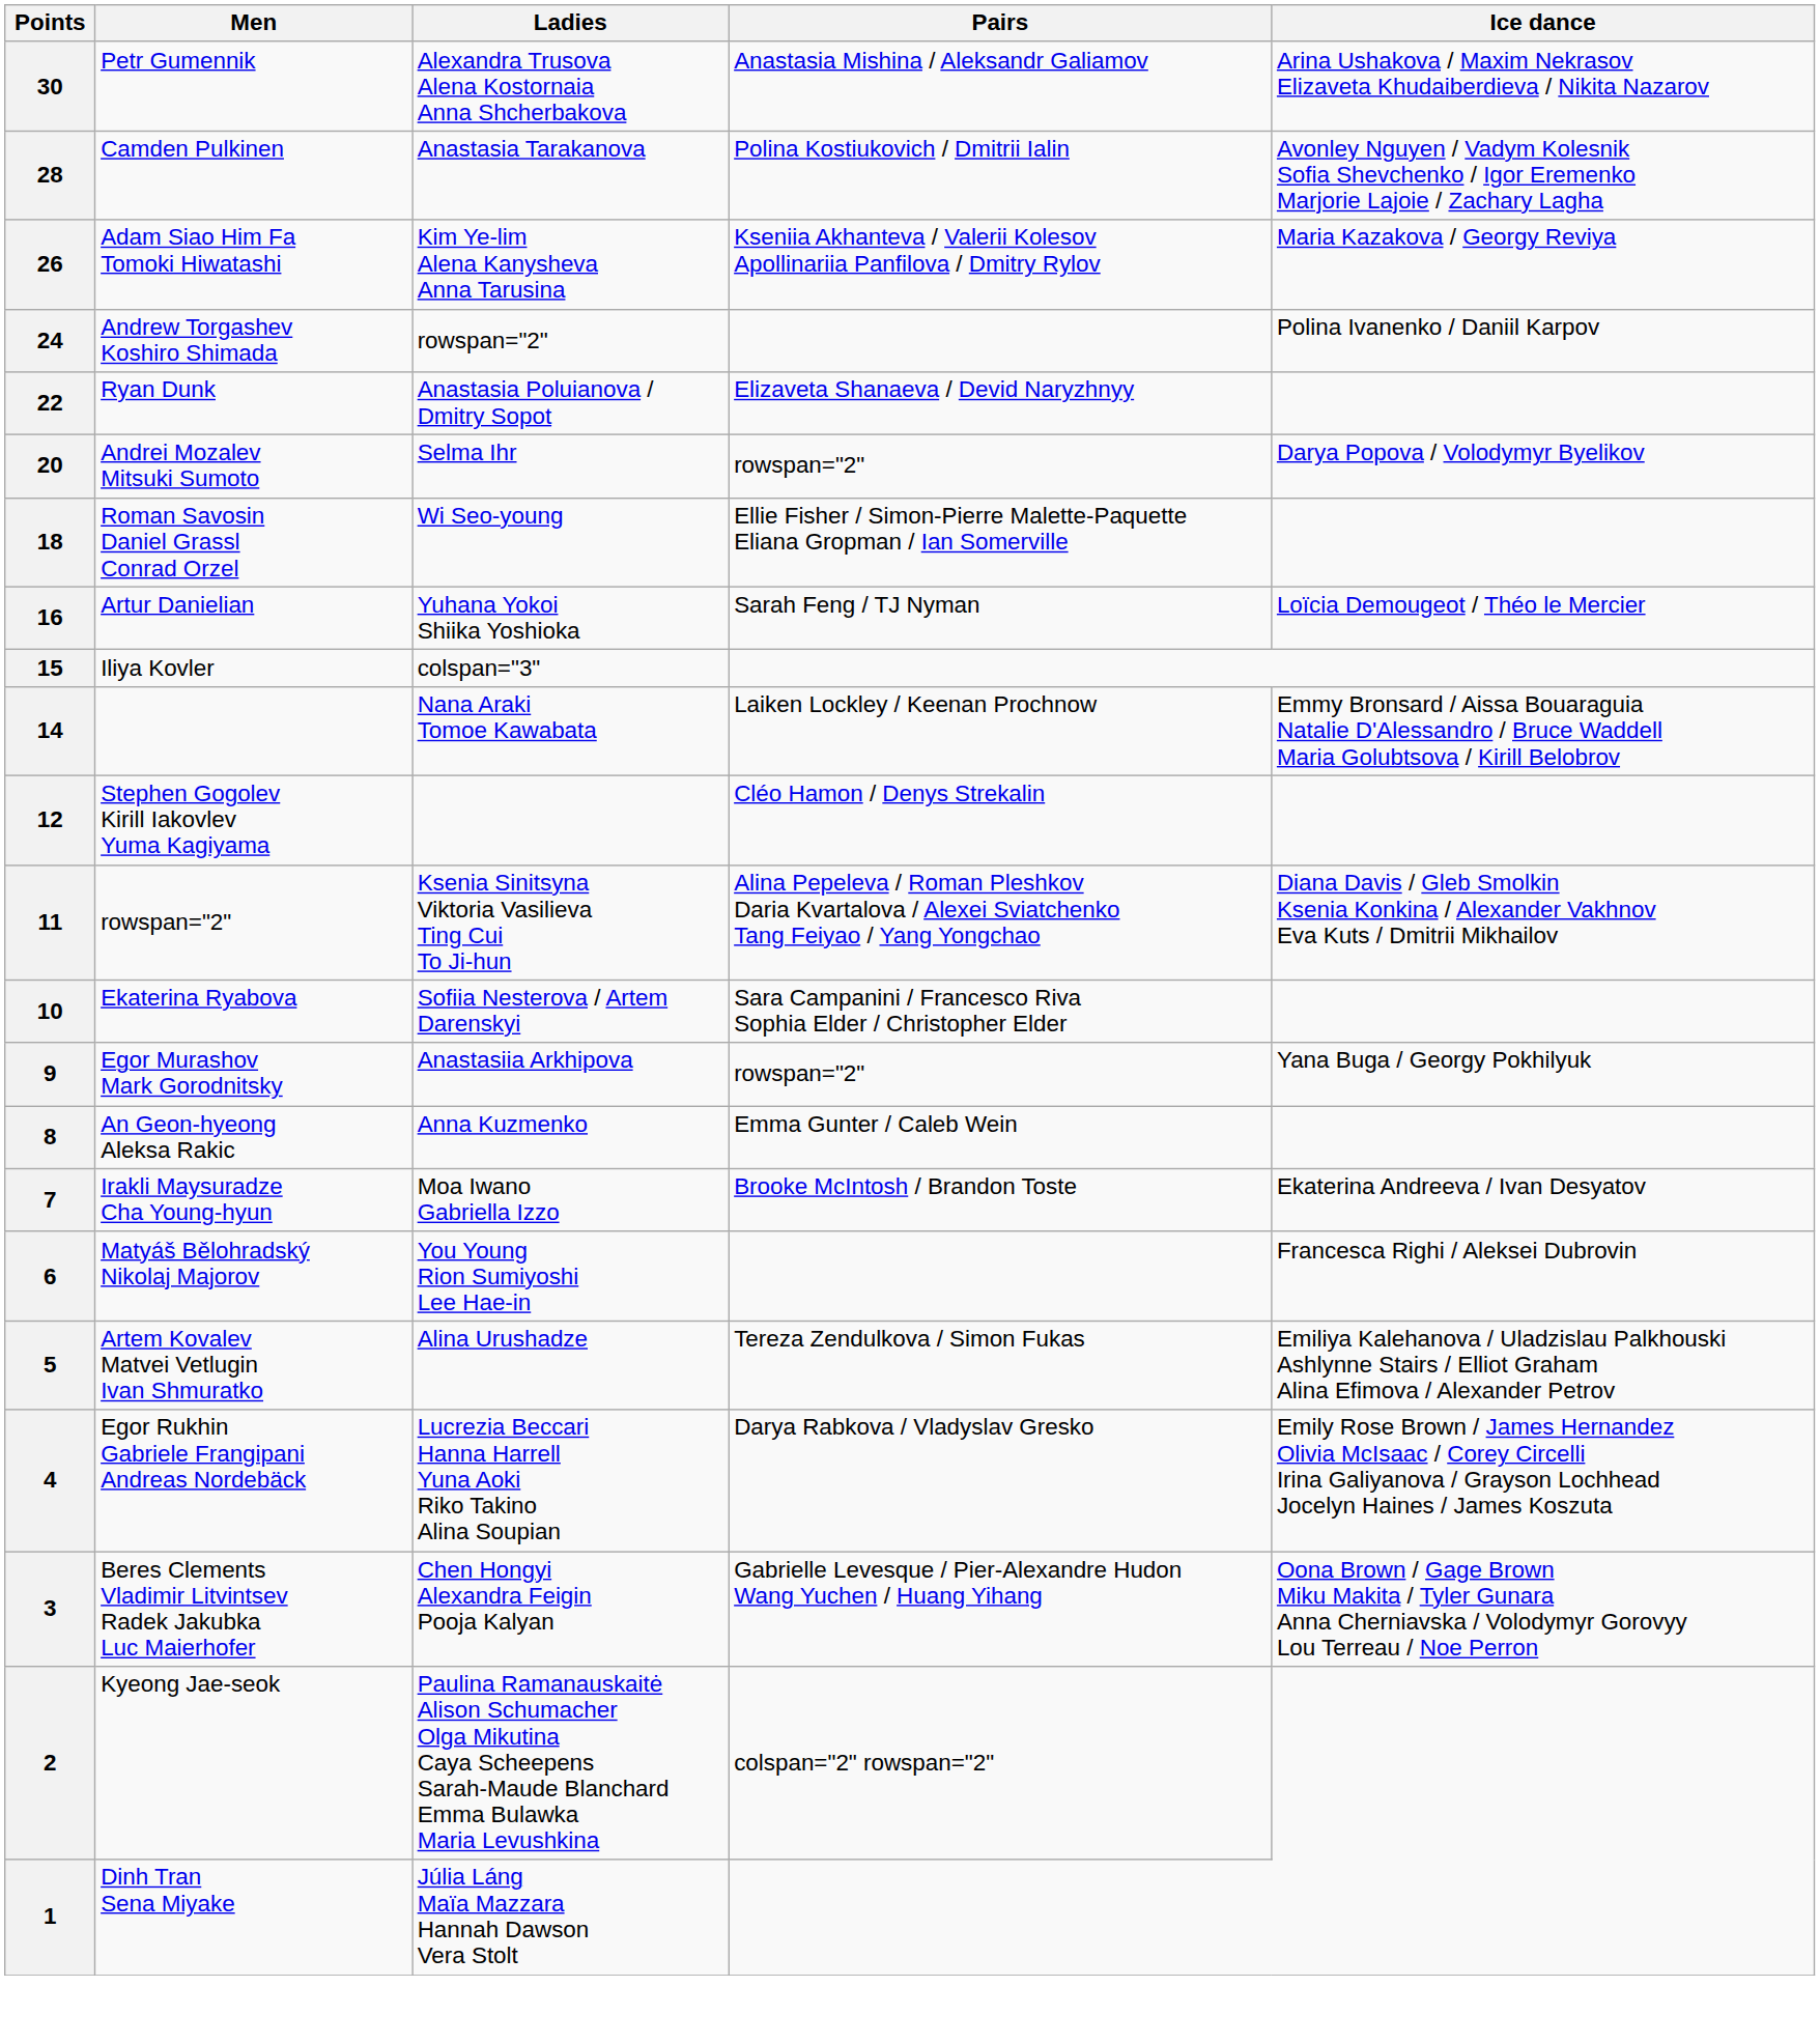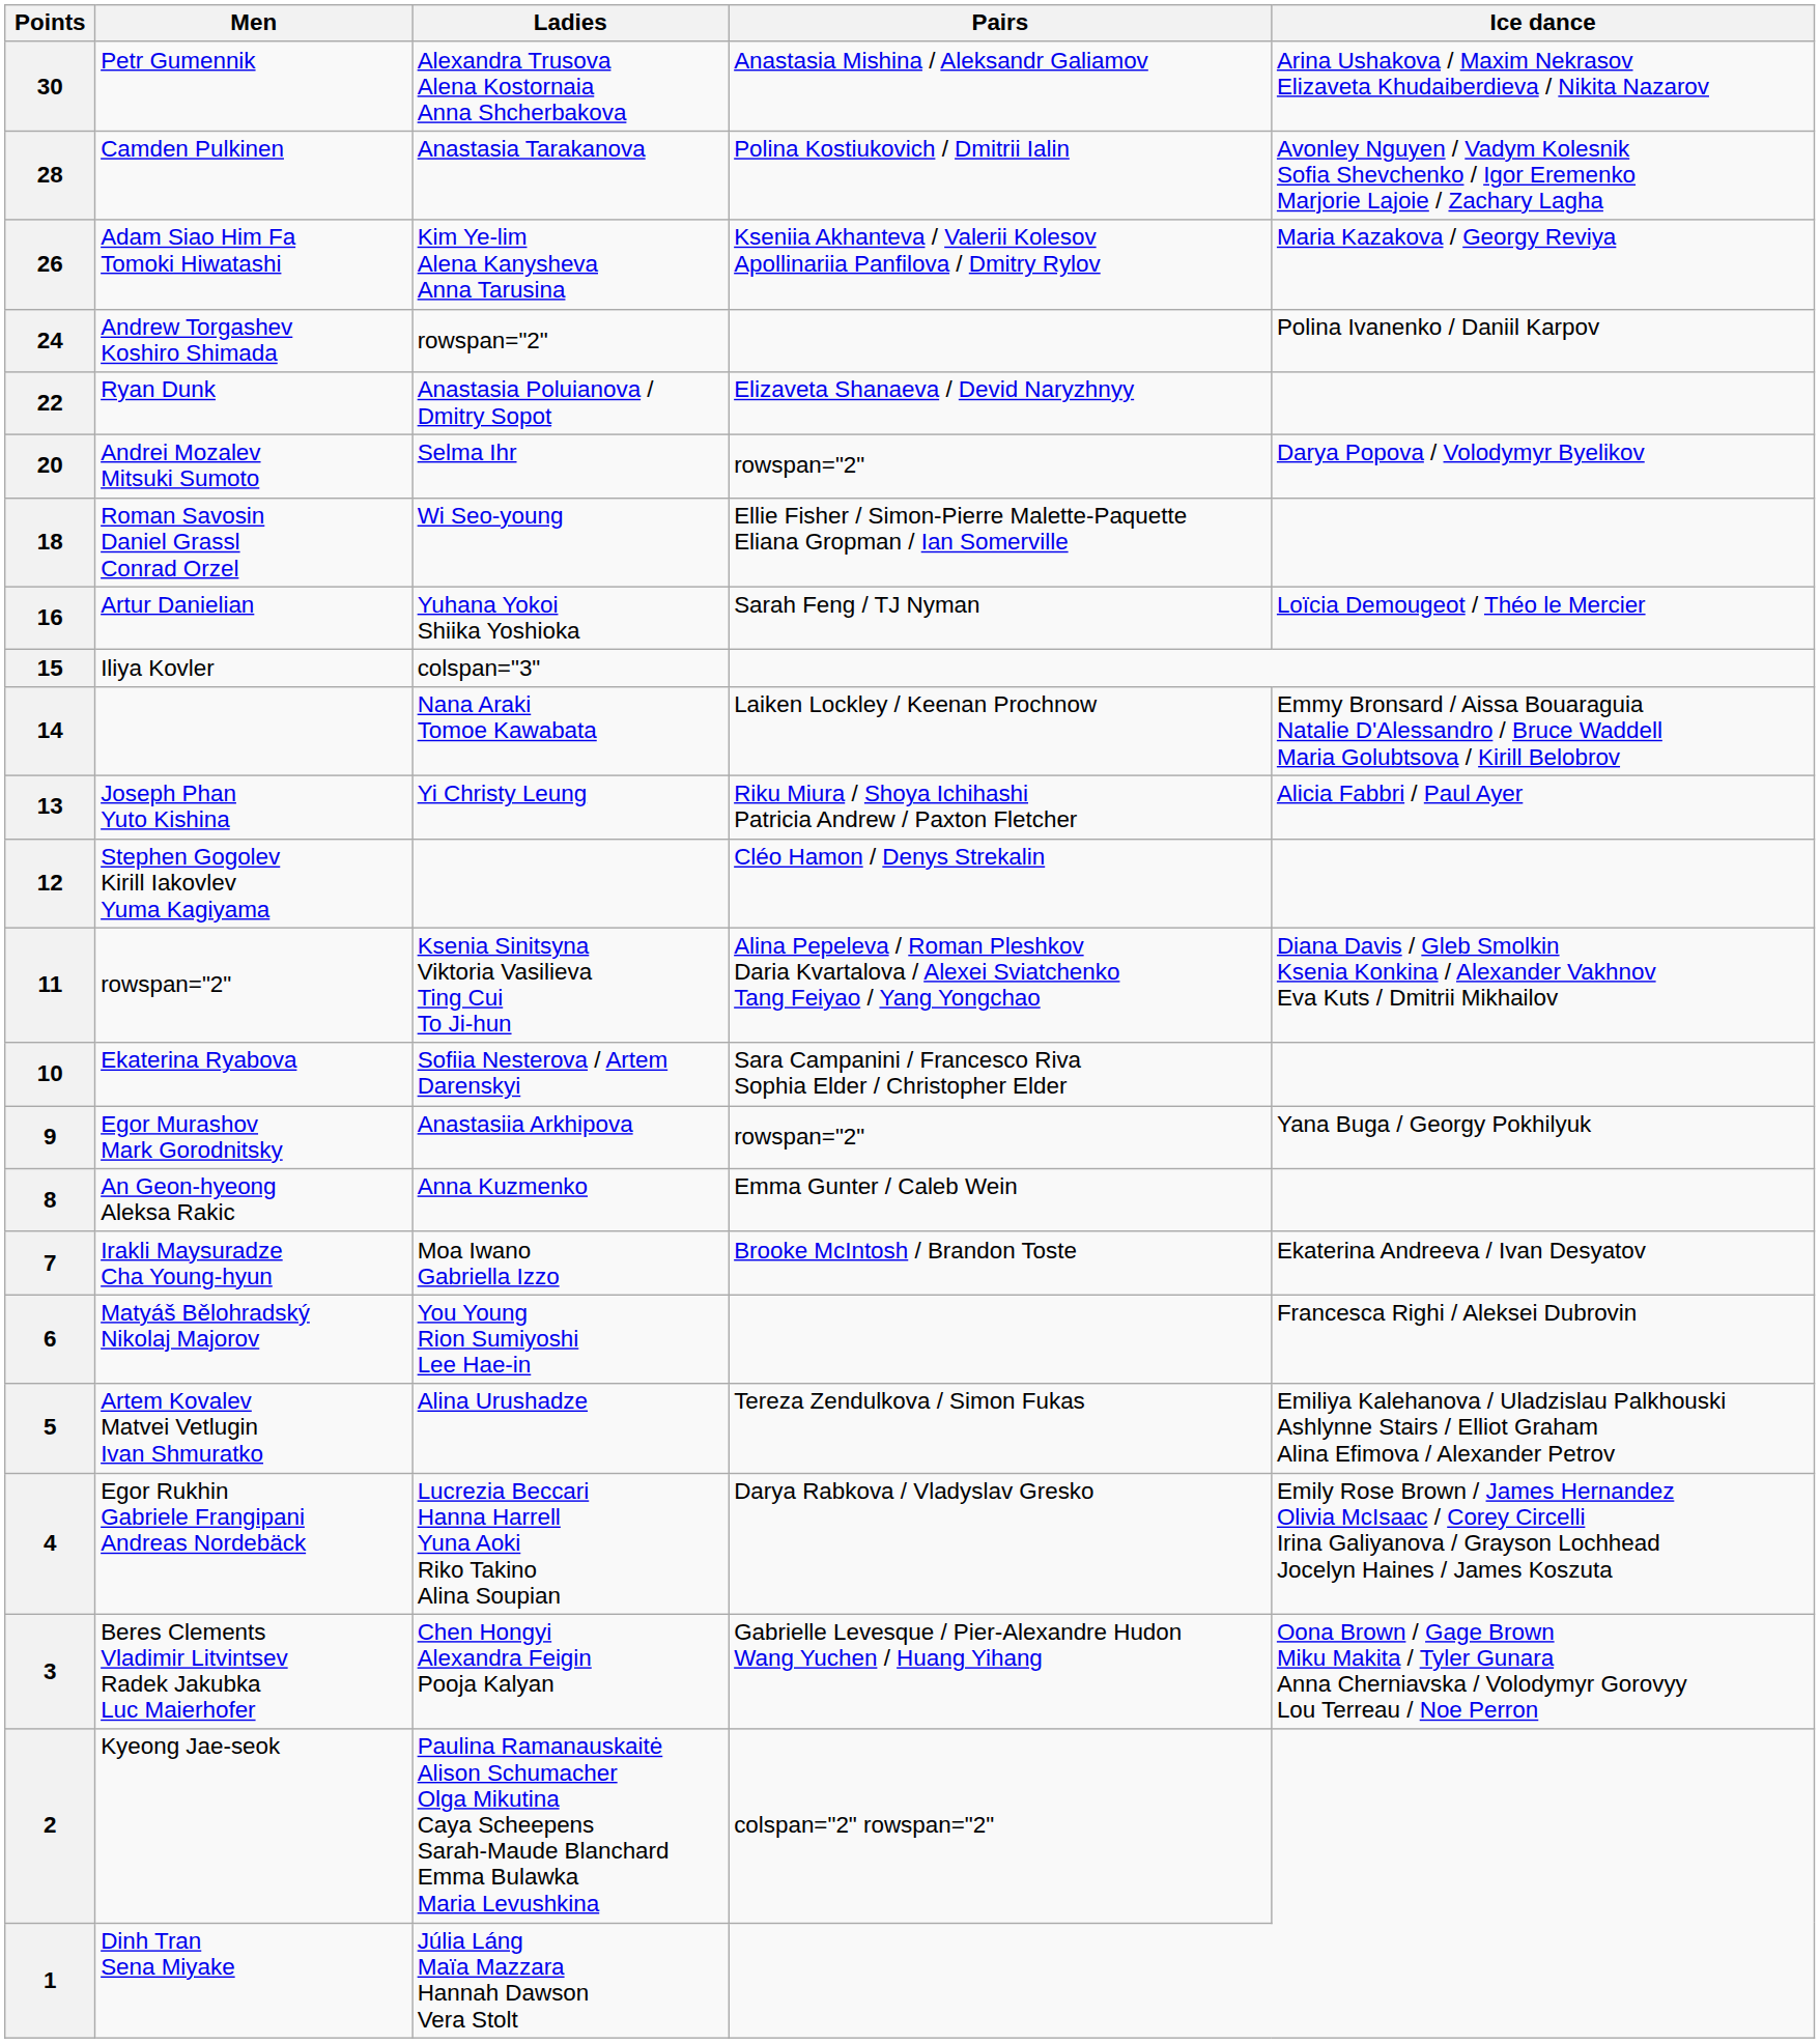 <table class="wikitable unsortable" style="text-align:left">
 <tr>
 <th scope="col" style="width:5%">Points</th>
 <th scope="col" style="width:17.5%">Men</th>
 <th scope="col" style="width:17.5%">Ladies</th>
 <th scope="col" style="width:30%">Pairs</th>
 <th scope="col" style="width:30%">Ice dance</th>
 </tr>
 <tr>
 <th scope="row">30</th>
 <td valign="top"> <a href='#'>Petr Gumennik</a></td>
 <td valign="top"> <a href='#'>Alexandra Trusova</a><br> <a href='#'>Alena Kostornaia</a><br> <a href='#'>Anna Shcherbakova</a></td>
 <td valign="top"> <a href='#'>Anastasia Mishina</a> / <a href='#'>Aleksandr Galiamov</a></td>
 <td valign="top"> <a href='#'>Arina Ushakova</a> / <a href='#'>Maxim Nekrasov</a><br> <a href='#'>Elizaveta Khudaiberdieva</a> / <a href='#'>Nikita Nazarov</a></td>
 </tr>
 <tr>
 <th scope="row">28</th>
 <td valign="top"> <a href='#'>Camden Pulkinen</a></td>
 <td valign="top"> <a href='#'>Anastasia Tarakanova</a></td>
 <td valign="top"> <a href='#'>Polina Kostiukovich</a> / <a href='#'>Dmitrii Ialin</a></td>
 <td valign="top"> <a href='#'>Avonley Nguyen</a> / <a href='#'>Vadym Kolesnik</a><br> <a href='#'>Sofia Shevchenko</a> / <a href='#'>Igor Eremenko</a><br> <a href='#'>Marjorie Lajoie</a> / <a href='#'>Zachary Lagha</a></td>
 </tr>
 <tr>
 <th scope="row">26</th>
 <td valign="top"> <a href='#'>Adam Siao Him Fa</a><br> <a href='#'>Tomoki Hiwatashi</a></td>
 <td valign="top"> <a href='#'>Kim Ye-lim</a><br> <a href='#'>Alena Kanysheva</a><br> <a href='#'>Anna Tarusina</a></td>
 <td valign="top"> <a href='#'>Kseniia Akhanteva</a> / <a href='#'>Valerii Kolesov</a><br> <a href='#'>Apollinariia Panfilova</a> / <a href='#'>Dmitry Rylov</a></td>
 <td valign="top"> <a href='#'>Maria Kazakova</a> / <a href='#'>Georgy Reviya</a></td>
 </tr>
 <tr>
 <th scope="row">24</th>
 <td valign="top"> <a href='#'>Andrew Torgashev</a><br> <a href='#'>Koshiro Shimada</a></td>
 <td>rowspan="2" </td>
 <td></td>
 <td valign="top"> Polina Ivanenko / Daniil Karpov</td>
 </tr>
 <tr>
 <th scope="row">22</th>
 <td valign="top"> <a href='#'>Ryan Dunk</a></td>
 <td valign="top"> <a href='#'>Anastasia Poluianova</a> / <a href='#'>Dmitry Sopot</a></td>
 <td valign="top"> <a href='#'>Elizaveta Shanaeva</a> / <a href='#'>Devid Naryzhnyy</a></td>
 </tr>
 <tr>
 <th scope="row">20</th>
 <td valign="top"> <a href='#'>Andrei Mozalev</a><br> <a href='#'>Mitsuki Sumoto</a></td>
 <td valign="top"> <a href='#'>Selma Ihr</a></td>
 <td>rowspan="2" </td>
 <td valign="top"> <a href='#'>Darya Popova</a> / <a href='#'>Volodymyr Byelikov</a></td>
 </tr>
 <tr>
 <th scope="row">18</th>
 <td valign="top"> <a href='#'>Roman Savosin</a><br> <a href='#'>Daniel Grassl</a><br> <a href='#'>Conrad Orzel</a></td>
 <td valign="top"> <a href='#'>Wi Seo-young</a></td>
 <td valign="top"> Ellie Fisher / Simon-Pierre Malette-Paquette<br> Eliana Gropman / <a href='#'>Ian Somerville</a></td>
 </tr>
 <tr>
 <th scope="row">16</th>
 <td valign="top"> <a href='#'>Artur Danielian</a></td>
 <td valign="top"> <a href='#'>Yuhana Yokoi</a><br> Shiika Yoshioka</td>
 <td valign="top"> Sarah Feng / TJ Nyman</td>
 <td valign="top"> <a href='#'>Loïcia Demougeot</a> / <a href='#'>Théo le Mercier</a></td>
 </tr>
 <tr>
 <th scope="row">15</th>
 <td valign="top"> Iliya Kovler</td>
 <td>colspan="3" </td>
 </tr>
 <tr>
 <th scope="row">14</th>
 <td></td>
 <td valign="top"> <a href='#'>Nana Araki</a><br> <a href='#'>Tomoe Kawabata</a></td>
 <td valign="top"> Laiken Lockley / Keenan Prochnow</td>
 <td valign="top"> Emmy Bronsard / Aissa Bouaraguia<br> <a href='#'>Natalie D'Alessandro</a> / <a href='#'>Bruce Waddell</a><br> <a href='#'>Maria Golubtsova</a> / <a href='#'>Kirill Belobrov</a></td>
+</tr>
+<tr>
+<th scope="row">13</th>
+<td valign="top"> <a href='#'>Joseph Phan</a><br> <a href='#'>Yuto Kishina</a></td>
+<td valign="top"> <a href='#'>Yi Christy Leung</a></td>
+<td valign="top"> <a href='#'>Riku Miura</a> / <a href='#'>Shoya Ichihashi</a><br> Patricia Andrew / Paxton Fletcher</td>
+<td valign="top"> <a href='#'>Alicia Fabbri</a> / <a href='#'>Paul Ayer</a></td>
 </tr>
 <tr>
 <th scope="row">12</th>
 <td valign="top"> <a href='#'>Stephen Gogolev</a><br> Kirill Iakovlev<br> <a href='#'>Yuma Kagiyama</a></td>
 <td></td>
 <td valign="top"> <a href='#'>Cléo Hamon</a> / <a href='#'>Denys Strekalin</a></td>
 <td></td>
 </tr>
 <tr>
 <th scope="row">11</th>
 <td>rowspan="2" </td>
 <td valign="top"> <a href='#'>Ksenia Sinitsyna</a><br> Viktoria Vasilieva<br> <a href='#'>Ting Cui</a><br> <a href='#'>To Ji-hun</a></td>
 <td valign="top"> <a href='#'>Alina Pepeleva</a> / <a href='#'>Roman Pleshkov</a><br> Daria Kvartalova / <a href='#'>Alexei Sviatchenko</a><br> <a href='#'>Tang Feiyao</a> / <a href='#'>Yang Yongchao</a></td>
 <td valign="top"> <a href='#'>Diana Davis</a> / <a href='#'>Gleb Smolkin</a><br> <a href='#'>Ksenia Konkina</a> / <a href='#'>Alexander Vakhnov</a><br> Eva Kuts / Dmitrii Mikhailov</td>
 </tr>
 <tr>
 <th scope="row">10</th>
 <td valign="top"> <a href='#'>Ekaterina Ryabova</a></td>
 <td valign="top"> <a href='#'>Sofiia Nesterova</a> / <a href='#'>Artem Darenskyi</a></td>
 <td valign="top"> Sara Campanini / Francesco Riva<br> Sophia Elder / Christopher Elder</td>
 </tr>
 <tr>
 <th scope="row">9</th>
 <td valign="top"> <a href='#'>Egor Murashov</a><br> <a href='#'>Mark Gorodnitsky</a></td>
 <td valign="top"> <a href='#'>Anastasiia Arkhipova</a></td>
 <td>rowspan="2" </td>
 <td valign="top"> Yana Buga / Georgy Pokhilyuk</td>
 </tr>
 <tr>
 <th scope="row">8</th>
 <td valign="top"> <a href='#'>An Geon-hyeong</a><br> Aleksa Rakic</td>
 <td valign="top"> <a href='#'>Anna Kuzmenko</a></td>
 <td valign="top"> Emma Gunter / Caleb Wein</td>
 </tr>
 <tr>
 <th scope="row">7</th>
 <td valign="top"> <a href='#'>Irakli Maysuradze</a><br> <a href='#'>Cha Young-hyun</a></td>
 <td valign="top"> Moa Iwano<br> <a href='#'>Gabriella Izzo</a></td>
 <td valign="top"> <a href='#'>Brooke McIntosh</a> / Brandon Toste</td>
 <td valign="top"> Ekaterina Andreeva / Ivan Desyatov</td>
 </tr>
 <tr>
 <th scope="row">6</th>
 <td valign="top"> <a href='#'>Matyáš Bělohradský</a><br> <a href='#'>Nikolaj Majorov</a></td>
 <td valign="top"> <a href='#'>You Young</a><br> <a href='#'>Rion Sumiyoshi</a><br> <a href='#'>Lee Hae-in</a></td>
 <td></td>
 <td valign="top"> Francesca Righi / Aleksei Dubrovin</td>
 </tr>
 <tr>
 <th scope="row">5</th>
 <td valign="top"> <a href='#'>Artem Kovalev</a><br> Matvei Vetlugin<br> <a href='#'>Ivan Shmuratko</a></td>
 <td valign="top"> <a href='#'>Alina Urushadze</a></td>
 <td valign="top"> Tereza Zendulkova / Simon Fukas</td>
 <td valign="top"> Emiliya Kalehanova / Uladzislau Palkhouski<br> Ashlynne Stairs / Elliot Graham<br> Alina Efimova / Alexander Petrov</td>
 </tr>
 <tr>
 <th scope="row">4</th>
 <td valign="top"> Egor Rukhin<br> <a href='#'>Gabriele Frangipani</a><br> <a href='#'>Andreas Nordebäck</a></td>
 <td valign="top"> <a href='#'>Lucrezia Beccari</a><br> <a href='#'>Hanna Harrell</a><br> <a href='#'>Yuna Aoki</a><br> Riko Takino<br> Alina Soupian</td>
 <td valign="top"> Darya Rabkova / Vladyslav Gresko</td>
 <td valign="top"> Emily Rose Brown / <a href='#'>James Hernandez</a><br> <a href='#'>Olivia McIsaac</a> / <a href='#'>Corey Circelli</a><br> Irina Galiyanova / Grayson Lochhead<br> Jocelyn Haines / James Koszuta</td>
 </tr>
 <tr>
 <th scope="row">3</th>
 <td valign="top"> Beres Clements<br> <a href='#'>Vladimir Litvintsev</a><br> Radek Jakubka<br> <a href='#'>Luc Maierhofer</a></td>
 <td valign="top"> <a href='#'>Chen Hongyi</a><br> <a href='#'>Alexandra Feigin</a><br> Pooja Kalyan</td>
 <td valign="top"> Gabrielle Levesque / Pier-Alexandre Hudon<br> <a href='#'>Wang Yuchen</a> / <a href='#'>Huang Yihang</a></td>
 <td valign="top"> <a href='#'>Oona Brown</a> / <a href='#'>Gage Brown</a><br> <a href='#'>Miku Makita</a> / <a href='#'>Tyler Gunara</a><br> Anna Cherniavska / Volodymyr Gorovyy<br> Lou Terreau / <a href='#'>Noe Perron</a></td>
 </tr>
 <tr>
 <th scope="row">2</th>
 <td valign="top"> Kyeong Jae-seok</td>
 <td valign="top"> <a href='#'>Paulina Ramanauskaitė</a><br> <a href='#'>Alison Schumacher</a><br> <a href='#'>Olga Mikutina</a><br> Caya Scheepens<br> Sarah-Maude Blanchard<br> Emma Bulawka<br> <a href='#'>Maria Levushkina</a></td>
 <td>colspan="2" rowspan="2" </td>
 </tr>
 <tr>
 <th scope="row">1</th>
 <td valign="top"> <a href='#'>Dinh Tran</a><br> <a href='#'>Sena Miyake</a></td>
 <td valign="top"> <a href='#'>Júlia Láng</a><br> <a href='#'>Maïa Mazzara</a><br> Hannah Dawson<br> Vera Stolt</td>
 </tr>
 </table>
